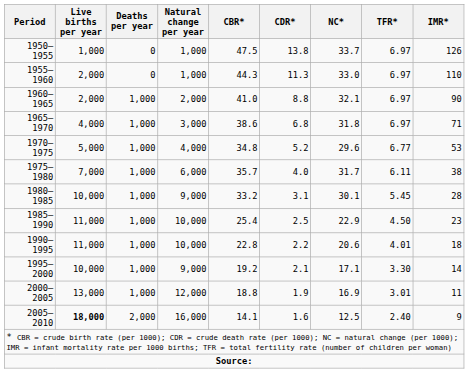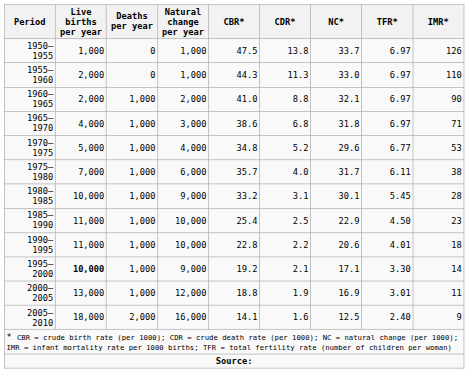 <table class="wikitable" style="text-align: right;">
 <tr>
 <th width="70pt">Period</th>
 <th width="70pt">Live births per year</th>
 <th width="70pt">Deaths per year</th>
 <th width="70pt">Natural change per year</th>
 <th width="70pt">CBR*</th>
 <th width="70pt">CDR*</th>
 <th width="70pt">NC*</th>
 <th width="70pt">TFR*</th>
 <th width="70pt">IMR*</th>
 </tr>
 <tr>
 <td>1950–1955</td>
 <td>1,000</td>
 <td>0</td>
 <td>1,000</td>
 <td>47.5</td>
 <td>13.8</td>
 <td>33.7</td>
 <td>6.97</td>
 <td>126</td>
 </tr>
 <tr>
 <td>1955–1960</td>
 <td>2,000</td>
 <td>0</td>
 <td>1,000</td>
 <td>44.3</td>
 <td>11.3</td>
 <td>33.0</td>
 <td>6.97</td>
 <td>110</td>
 </tr>
 <tr>
 <td>1960–1965</td>
 <td>2,000</td>
 <td>1,000</td>
 <td>2,000</td>
 <td>41.0</td>
 <td>8.8</td>
 <td>32.1</td>
 <td>6.97</td>
 <td>90</td>
 </tr>
 <tr>
 <td>1965–1970</td>
 <td>4,000</td>
 <td>1,000</td>
 <td>3,000</td>
 <td>38.6</td>
 <td>6.8</td>
 <td>31.8</td>
 <td>6.97</td>
 <td>71</td>
 </tr>
 <tr>
 <td>1970–1975</td>
 <td>5,000</td>
 <td>1,000</td>
 <td>4,000</td>
 <td>34.8</td>
 <td>5.2</td>
 <td>29.6</td>
 <td>6.77</td>
 <td>53</td>
 </tr>
 <tr>
 <td>1975–1980</td>
 <td>7,000</td>
 <td>1,000</td>
 <td>6,000</td>
 <td>35.7</td>
 <td>4.0</td>
 <td>31.7</td>
 <td>6.11</td>
 <td>38</td>
 </tr>
 <tr>
 <td>1980–1985</td>
 <td>10,000</td>
 <td>1,000</td>
 <td>9,000</td>
 <td>33.2</td>
 <td>3.1</td>
 <td>30.1</td>
 <td>5.45</td>
 <td>28</td>
 </tr>
 <tr>
 <td>1985–1990</td>
 <td>11,000</td>
 <td>1,000</td>
 <td>10,000</td>
 <td>25.4</td>
 <td>2.5</td>
 <td>22.9</td>
 <td>4.50</td>
 <td>23</td>
 </tr>
 <tr>
 <td>1990–1995</td>
 <td>11,000</td>
 <td>1,000</td>
 <td>10,000</td>
 <td>22.8</td>
 <td>2.2</td>
 <td>20.6</td>
 <td>4.01</td>
 <td>18</td>
 </tr>
 <tr>
 <td>1995–2000</td>
-<td>10,000</td>
+<td><strong>10,000</strong></td>
 <td>1,000</td>
 <td>9,000</td>
 <td>19.2</td>
 <td>2.1</td>
 <td>17.1</td>
 <td>3.30</td>
 <td>14</td>
 </tr>
 <tr>
 <td>2000–2005</td>
 <td>13,000</td>
 <td>1,000</td>
 <td>12,000</td>
 <td>18.8</td>
 <td>1.9</td>
 <td>16.9</td>
 <td>3.01</td>
 <td>11</td>
 </tr>
 <tr>
 <td>2005–2010</td>
-<td><strong>18,000</strong></td>
+<td>18,000</td>
 <td>2,000</td>
 <td>16,000</td>
 <td>14.1</td>
 <td>1.6</td>
 <td>12.5</td>
 <td>2.40</td>
 <td>9</td>
 </tr>
 <tr>
 <td align="left" colspan="9">* <small> CBR = crude birth rate (per 1000); CDR = crude death rate (per 1000); NC = natural change (per 1000); IMR = infant mortality rate per 1000 births; TFR = total fertility rate (number of children per woman)</small></td>
 </tr>
 <tr>
 <td colspan="9" style="text-align: center;"><strong>Source:</strong></td>
 </tr>
 </table>
